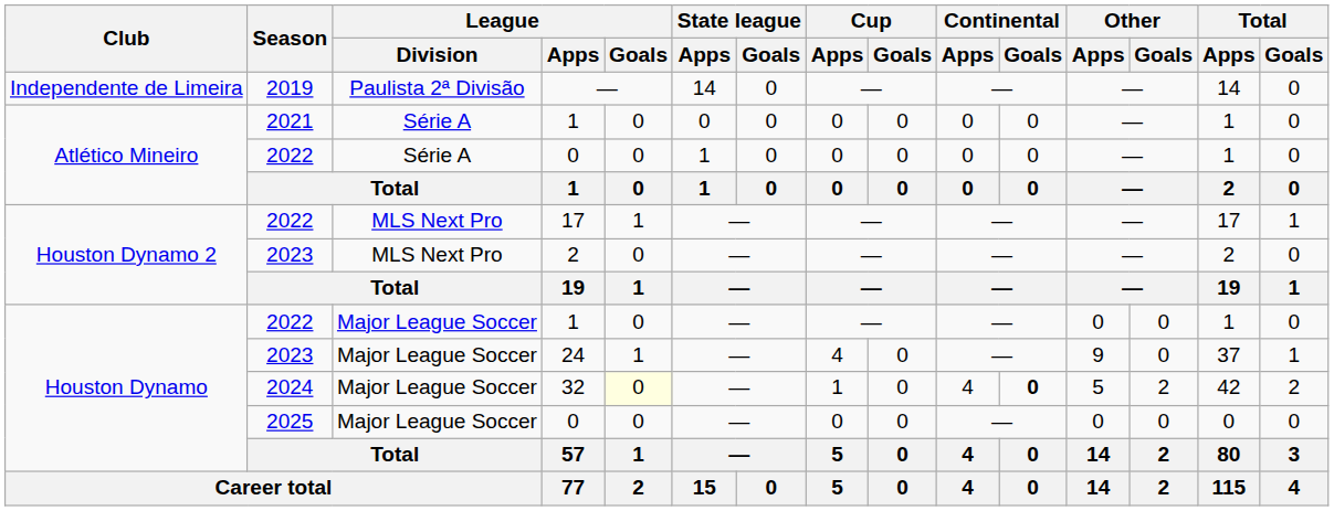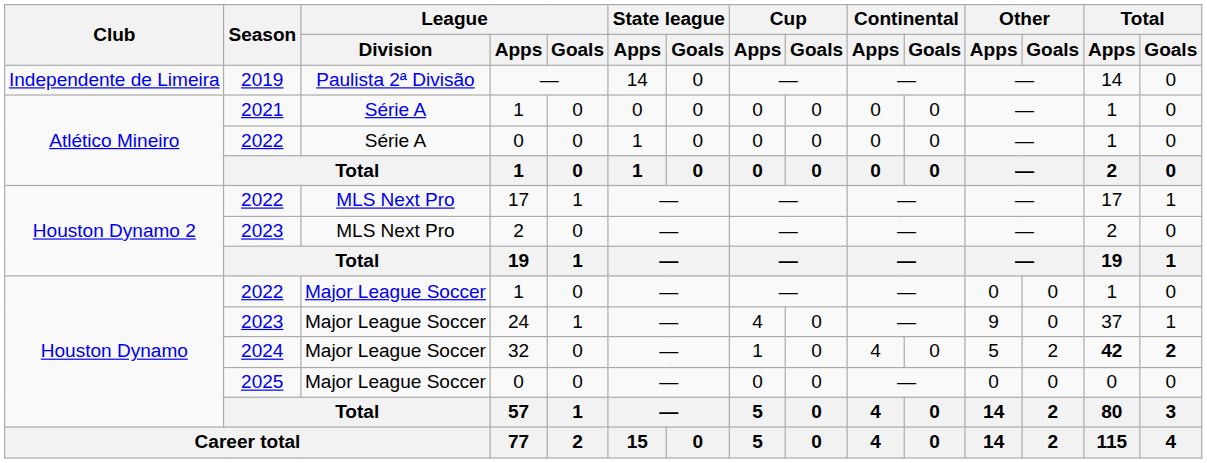 <table class="wikitable" style="text-align: center;">
 <tr>
 <th rowspan="2">Club</th>
 <th rowspan="2">Season</th>
 <th colspan="3">League</th>
 <th colspan="2">State league</th>
 <th colspan="2">Cup</th>
 <th colspan="2">Continental</th>
 <th colspan="2">Other</th>
 <th colspan="2">Total</th>
 </tr>
 <tr>
 <th>Division</th>
 <th>Apps</th>
 <th>Goals</th>
 <th>Apps</th>
 <th>Goals</th>
 <th>Apps</th>
 <th>Goals</th>
 <th>Apps</th>
 <th>Goals</th>
 <th>Apps</th>
 <th>Goals</th>
 <th>Apps</th>
 <th>Goals</th>
 </tr>
 <tr>
 <td><a href='#'>Independente de Limeira</a></td>
 <td><a href='#'>2019</a></td>
 <td><a href='#'>Paulista 2ª Divisão</a></td>
 <td colspan="2">—</td>
 <td>14</td>
 <td>0</td>
 <td colspan="2">—</td>
 <td colspan="2">—</td>
 <td colspan="2">—</td>
 <td>14</td>
 <td>0</td>
 </tr>
 <tr>
 <td rowspan=3><a href='#'>Atlético Mineiro</a></td>
 <td><a href='#'>2021</a></td>
 <td><a href='#'>Série A</a></td>
 <td>1</td>
 <td>0</td>
 <td>0</td>
 <td>0</td>
 <td>0</td>
 <td>0</td>
 <td>0</td>
 <td>0</td>
 <td colspan="2">—</td>
 <td>1</td>
 <td>0</td>
 </tr>
 <tr>
 <td><a href='#'>2022</a></td>
 <td>Série A</td>
 <td>0</td>
 <td>0</td>
 <td>1</td>
 <td>0</td>
 <td>0</td>
 <td>0</td>
 <td>0</td>
 <td>0</td>
 <td colspan="2">—</td>
 <td>1</td>
 <td>0</td>
 </tr>
 <tr>
 <th colspan="2">Total</th>
 <th>1</th>
 <th>0</th>
 <th>1</th>
 <th>0</th>
 <th>0</th>
 <th>0</th>
 <th>0</th>
 <th>0</th>
 <th colspan="2">—</th>
 <th>2</th>
 <th>0</th>
 </tr>
 <tr>
 <td rowspan="3"><a href='#'>Houston Dynamo 2</a></td>
 <td><a href='#'>2022</a></td>
 <td><a href='#'>MLS Next Pro</a></td>
 <td>17</td>
 <td>1</td>
 <td colspan="2">—</td>
 <td colspan="2">—</td>
 <td colspan="2">—</td>
 <td colspan="2">—</td>
 <td>17</td>
 <td>1</td>
 </tr>
 <tr>
 <td><a href='#'>2023</a></td>
 <td>MLS Next Pro</td>
 <td>2</td>
 <td>0</td>
 <td colspan="2">—</td>
 <td colspan="2">—</td>
 <td colspan="2">—</td>
 <td colspan="2">—</td>
 <td>2</td>
 <td>0</td>
 </tr>
 <tr>
 <th colspan="2">Total</th>
 <th>19</th>
 <th>1</th>
 <th colspan="2">—</th>
 <th colspan="2">—</th>
 <th colspan="2">—</th>
 <th colspan="2">—</th>
 <th>19</th>
 <th>1</th>
 </tr>
 <tr>
 <td rowspan="5"><a href='#'>Houston Dynamo</a></td>
 <td><a href='#'>2022</a></td>
 <td><a href='#'>Major League Soccer</a></td>
 <td>1</td>
 <td>0</td>
 <td colspan="2">—</td>
 <td colspan="2">—</td>
 <td colspan="2">—</td>
 <td>0</td>
 <td>0</td>
 <td>1</td>
 <td>0</td>
 </tr>
 <tr>
 <td><a href='#'>2023</a></td>
 <td>Major League Soccer</td>
 <td>24</td>
 <td>1</td>
 <td colspan="2">—</td>
 <td>4</td>
 <td>0</td>
 <td colspan="2">—</td>
 <td>9</td>
 <td>0</td>
 <td>37</td>
 <td>1</td>
 </tr>
 <tr>
 <td><a href='#'>2024</a></td>
 <td>Major League Soccer</td>
 <td>32</td>
-<td style="background: lightyellow;">0</td>
+<td>0</td>
 <td colspan="2">—</td>
 <td>1</td>
 <td>0</td>
 <td>4</td>
-<td><strong>0</strong></td>
+<td>0</td>
 <td>5</td>
 <td>2</td>
-<td>42</td>
-<td>2</td>
+<td><strong>42</strong></td>
+<td><strong>2</strong></td>
 </tr>
 <tr>
 <td><a href='#'>2025</a></td>
 <td>Major League Soccer</td>
 <td>0</td>
 <td>0</td>
 <td colspan="2">—</td>
 <td>0</td>
 <td>0</td>
 <td colspan="2">—</td>
 <td>0</td>
 <td>0</td>
 <td>0</td>
 <td>0</td>
 </tr>
 <tr>
 <th colspan="2">Total</th>
 <th>57</th>
 <th>1</th>
 <th colspan="2">—</th>
 <th>5</th>
 <th>0</th>
 <th>4</th>
 <th>0</th>
 <th>14</th>
 <th>2</th>
 <th>80</th>
 <th>3</th>
 </tr>
 <tr>
 <th colspan="3">Career total</th>
 <th>77</th>
 <th>2</th>
 <th>15</th>
 <th>0</th>
 <th>5</th>
 <th>0</th>
 <th>4</th>
 <th>0</th>
 <th>14</th>
 <th>2</th>
 <th>115</th>
 <th>4</th>
 </tr>
 </table>
